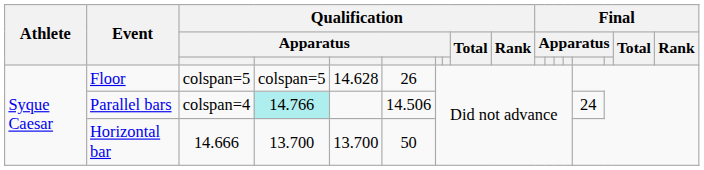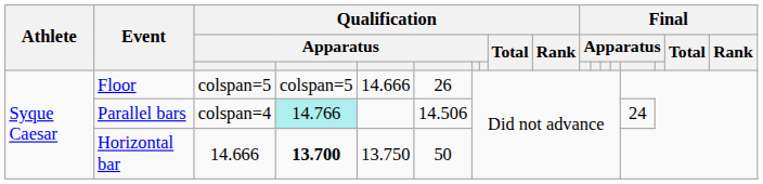 <table class="wikitable" style="font-size:90%">
 <tr>
 <th rowspan=3>Athlete</th>
 <th rowspan=3>Event</th>
 <th colspan =8>Qualification</th>
 <th colspan =8>Final</th>
 </tr>
 <tr style="font-size:95%">
 <th colspan=6>Apparatus</th>
 <th rowspan=2>Total</th>
 <th rowspan=2>Rank</th>
 <th colspan=6>Apparatus</th>
 <th rowspan=2>Total</th>
 <th rowspan=2>Rank</th>
 </tr>
 <tr style="font-size:95%">
 <th></th>
 <th></th>
 <th></th>
 <th></th>
 <th></th>
 <th></th>
 <th></th>
 <th></th>
 <th></th>
 <th></th>
 <th></th>
 <th></th>
 </tr>
 <tr align=center>
 <td align=left rowspan=3><a href='#'>Syque Caesar</a></td>
 <td align=left><a href='#'>Floor</a></td>
 <td>colspan=5 </td>
 <td>colspan=5 </td>
-<td>14.628</td>
+<td>14.666</td>
 <td>26</td>
 <td colspan="8" rowspan="3">Did not advance</td>
 </tr>
 <tr align=center>
 <td align=left><a href='#'>Parallel bars</a></td>
 <td>colspan=4 </td>
 <td style="background: paleturquoise;">14.766</td>
 <td></td>
 <td>14.506</td>
 <td>24</td>
 </tr>
 <tr align=center>
 <td align=left><a href='#'>Horizontal bar</a></td>
 <td>14.666</td>
-<td>13.700</td>
-<td>13.700</td>
+<td><strong>13.700</strong></td>
+<td>13.750</td>
 <td>50</td>
 </tr>
 </table>
